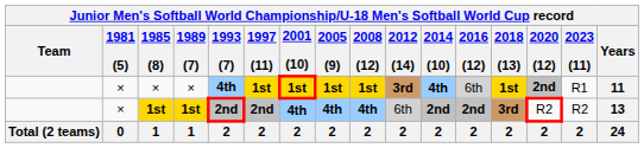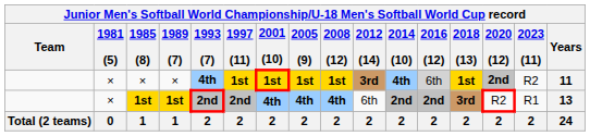 <table class="wikitable" style="text-align:center; font-size:85%;">
 <tr>
 <th colspan=32><a href='#'>Junior Men's Softball World Championship/U-18 Men's Softball World Cup</a> record</th>
 </tr>
 <tr>
 <th>Team</th>
 <th><a href='#'>1981</a><br><br>(5)</th>
 <th><a href='#'>1985</a><br><br>(8)</th>
 <th><a href='#'>1989</a><br><br>(7)</th>
 <th><a href='#'>1993</a><br><br>(7)</th>
 <th><a href='#'>1997</a><br><br>(11)</th>
 <th><a href='#'>2001</a><br><br>(10)</th>
 <th><a href='#'>2005</a><br><br>(9)</th>
 <th><a href='#'>2008</a><br><br>(12)</th>
 <th><a href='#'>2012</a><br><br>(14)</th>
 <th><a href='#'>2014</a><br><br>(10)</th>
 <th><a href='#'>2016</a><br><br>(12)</th>
 <th><a href='#'>2018</a><br><br>(13)</th>
 <th><a href='#'>2020</a><br><br>(12)</th>
 <th><a href='#'>2023</a><br><br>(11)</th>
 <th>Years</th>
 </tr>
 <tr>
 <td align=left></td>
 <td>×</td>
 <td>×</td>
 <td>×</td>
 <td style="background:#9acdff"><strong>4th</strong></td>
 <td style="background:Gold"><strong>1st</strong></td>
 <td style="background:Gold; border: 3px solid red"><strong>1st</strong></td>
 <td style="background:Gold"><strong>1st</strong></td>
 <td style="background:Gold"><strong>1st</strong></td>
 <td style="background:#c96;"><strong>3rd</strong></td>
 <td style="background:#9acdff"><strong>4th</strong></td>
 <td style="background: lightgrey;">6th</td>
 <td style="background:Gold"><strong>1st</strong></td>
 <td style="background:Silver;"><strong>2nd</strong></td>
-<td>R1<br></td>
+<td>R2<br></td>
 <th>11</th>
 </tr>
 <tr>
 <td align=left></td>
 <td>×</td>
 <td style="background:Gold"><strong>1st</strong></td>
 <td style="background:Gold"><strong>1st</strong></td>
 <td style="background:Silver; border: 3px solid red"><strong>2nd</strong></td>
 <td style="background:Silver;"><strong>2nd</strong></td>
 <td style="background:#9acdff"><strong>4th</strong></td>
 <td style="background:#9acdff"><strong>4th</strong></td>
 <td style="background:#9acdff"><strong>4th</strong></td>
-<td style="background: lightgrey;">6th</td>
+<td>6th</td>
 <td style="background:Silver;"><strong>2nd</strong></td>
 <td style="background:Silver;"><strong>2nd</strong></td>
 <td style="background:#c96;"><strong>3rd</strong></td>
 <td style="border: 3px solid red">R2<br></td>
-<td>R2<br></td>
+<td>R1<br></td>
 <th>13</th>
 </tr>
 <tr>
 <th>Total (2 teams)</th>
 <th>0</th>
 <th>1</th>
 <th>1</th>
 <th>2</th>
 <th>2</th>
 <th>2</th>
 <th>2</th>
 <th>2</th>
 <th>2</th>
 <th>2</th>
 <th>2</th>
 <th>2</th>
 <th>2</th>
 <th>2</th>
 <th>24</th>
 </tr>
 </table>
